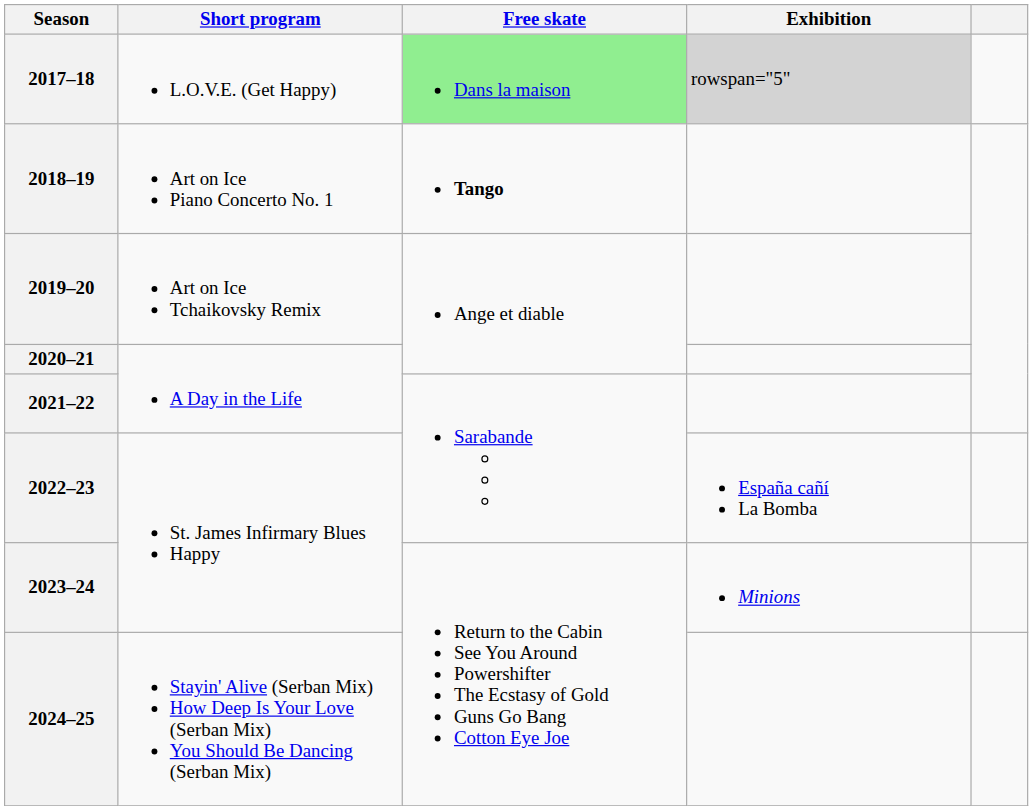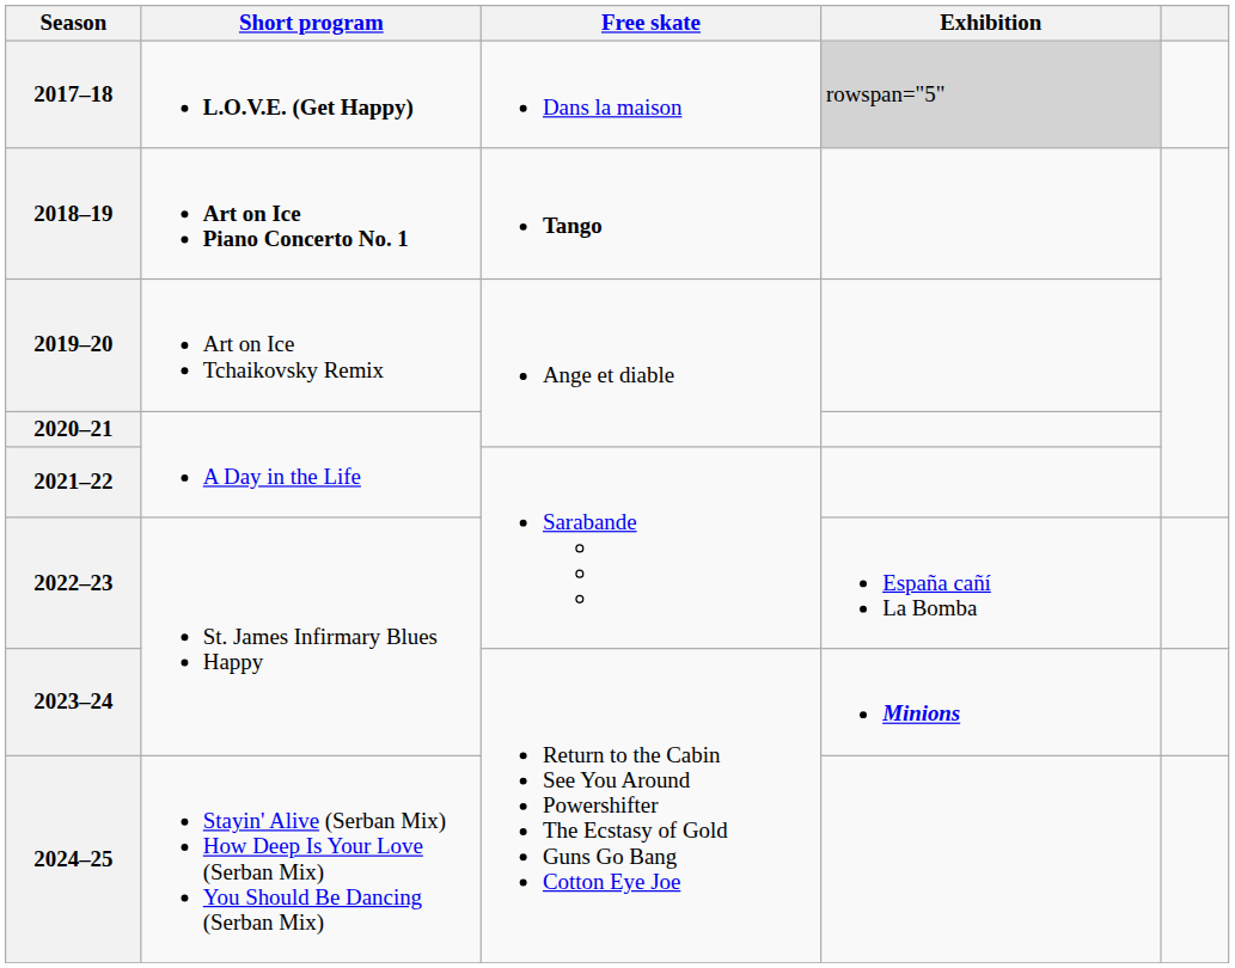 <table class="wikitable unsortable" style="text-align:left">
 <tr>
 <th scope="col" style="text-align:center; width:10%">Season</th>
 <th scope="col" style="text-align:center; width:25%"><a href='#'>Short program</a></th>
 <th scope="col" style="text-align:center; width:25%"><a href='#'>Free skate</a></th>
 <th scope="col" style="text-align:center; width:25%">Exhibition</th>
 <th scope="col" style="text-align:center; width:5%"></th>
 </tr>
 <tr>
 <th scope="row">2017–18</th>
-<td><br><ul><li>L.O.V.E. (Get Happy)</li></ul></td>
-<td style="background: lightgreen;"><br><ul><li><a href='#'>Dans la maison</a> <br></li></ul></td>
+<td><strong><br><ul><li>L.O.V.E. (Get Happy)</li></ul></strong></td>
+<td><br><ul><li><a href='#'>Dans la maison</a> <br></li></ul></td>
 <td style="background: lightgrey;">rowspan="5" </td>
 <td></td>
 </tr>
 <tr>
 <th scope="row">2018–19</th>
-<td><br><ul><li>Art on Ice <br></li><li>Piano Concerto No. 1 <br></li></ul></td>
+<td><strong><br><ul><li>Art on Ice <br></li><li>Piano Concerto No. 1 <br></li></ul></strong></td>
 <td><strong><br><ul><li>Tango <br></li></ul></strong></td>
 <td></td>
 </tr>
 <tr>
 <th scope="row">2019–20</th>
 <td><br><ul><li>Art on Ice <br></li><li>Tchaikovsky Remix <br></li></ul></td>
 <td rowspan="2"><br><ul><li>Ange et diable <br></li></ul></td>
 <td></td>
 </tr>
 <tr>
 <th scope="row">2020–21</th>
 <td rowspan="2"><br><ul><li><a href='#'>A Day in the Life</a> <br></li></ul></td>
 <td></td>
 </tr>
 <tr>
 <th scope="row">2021–22</th>
 <td rowspan="2"><br><ul><li><a href='#'>Sarabande</a> <ul><li></li><li></li><li></li></ul></li></ul></td>
 <td></td>
 </tr>
 <tr>
 <th scope="row">2022–23</th>
 <td rowspan="2"><br><ul><li>St. James Infirmary Blues <br></li><li>Happy<br></li></ul></td>
 <td><br><ul><li><a href='#'>España cañí</a> <br></li><li>La Bomba <br></li></ul></td>
 <td></td>
 </tr>
 <tr>
 <th scope="row">2023–24</th>
 <td rowspan=2><br><ul><li>Return to the Cabin</li><li>See You Around <br> </li><li>Powershifter <br> </li><li>The Ecstasy of Gold <br> </li><li>Guns Go Bang <br> </li><li><a href='#'>Cotton Eye Joe</a> <br> </li></ul></td>
-<td><br><ul><li><em><a href='#'>Minions</a></em> <br></li></ul></td>
+<td><strong><br><ul><li><em><a href='#'>Minions</a></em> <br></li></ul></strong></td>
 <td></td>
 </tr>
 <tr>
 <th scope="row">2024–25</th>
 <td><br><ul><li><a href='#'>Stayin' Alive</a> (Serban Mix)</li><li><a href='#'>How Deep Is Your Love</a> (Serban Mix)</li><li><a href='#'>You Should Be Dancing</a> (Serban Mix) <br> </li></ul></td>
 <td></td>
 <td></td>
 </tr>
 </table>
